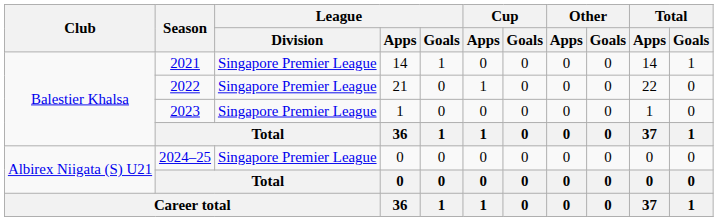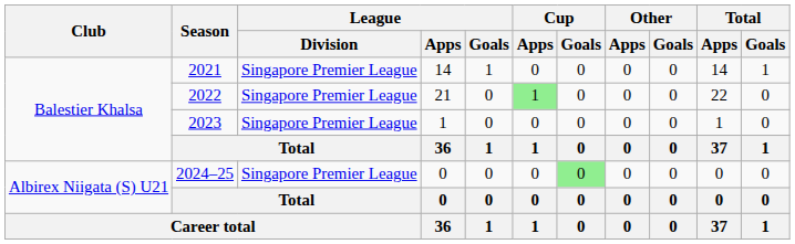 <table class="wikitable" style="text-align: center">
 <tr>
 <th rowspan="2">Club</th>
 <th rowspan="2">Season</th>
 <th colspan="3">League</th>
 <th colspan="2">Cup</th>
 <th colspan="2">Other</th>
 <th colspan="2">Total</th>
 </tr>
 <tr>
 <th>Division</th>
 <th>Apps</th>
 <th>Goals</th>
 <th>Apps</th>
 <th>Goals</th>
 <th>Apps</th>
 <th>Goals</th>
 <th>Apps</th>
 <th>Goals</th>
 </tr>
 <tr>
 <td rowspan="4"><a href='#'>Balestier Khalsa</a></td>
 <td><a href='#'>2021</a></td>
 <td><a href='#'>Singapore Premier League</a></td>
 <td>14</td>
 <td>1</td>
 <td>0</td>
 <td>0</td>
 <td>0</td>
 <td>0</td>
 <td>14</td>
 <td>1</td>
 </tr>
 <tr>
 <td><a href='#'>2022</a></td>
 <td><a href='#'>Singapore Premier League</a></td>
 <td>21</td>
 <td>0</td>
-<td>1</td>
+<td style="background: lightgreen;">1</td>
 <td>0</td>
 <td>0</td>
 <td>0</td>
 <td>22</td>
 <td>0</td>
 </tr>
 <tr>
 <td><a href='#'>2023</a></td>
 <td><a href='#'>Singapore Premier League</a></td>
 <td>1</td>
 <td>0</td>
 <td>0</td>
 <td>0</td>
 <td>0</td>
 <td>0</td>
 <td>1</td>
 <td>0</td>
 </tr>
 <tr>
 <th colspan=2>Total</th>
 <th>36</th>
 <th>1</th>
 <th>1</th>
 <th>0</th>
 <th>0</th>
 <th>0</th>
 <th>37</th>
 <th>1</th>
 </tr>
 <tr>
 <td rowspan="2"><a href='#'>Albirex Niigata (S) U21</a></td>
 <td><a href='#'>2024–25</a></td>
 <td><a href='#'>Singapore Premier League</a></td>
 <td>0</td>
 <td>0</td>
 <td>0</td>
-<td>0</td>
+<td style="background: lightgreen;">0</td>
 <td>0</td>
 <td>0</td>
 <td>0</td>
 <td>0</td>
 </tr>
 <tr>
 <th colspan=2>Total</th>
 <th>0</th>
 <th>0</th>
 <th>0</th>
 <th>0</th>
 <th>0</th>
 <th>0</th>
 <th>0</th>
 <th>0</th>
 </tr>
 <tr>
 <th colspan=3>Career total</th>
 <th>36</th>
 <th>1</th>
 <th>1</th>
 <th>0</th>
 <th>0</th>
 <th>0</th>
 <th>37</th>
 <th>1</th>
 </tr>
 </table>
